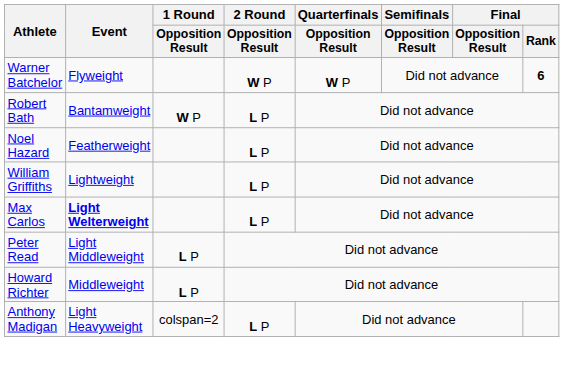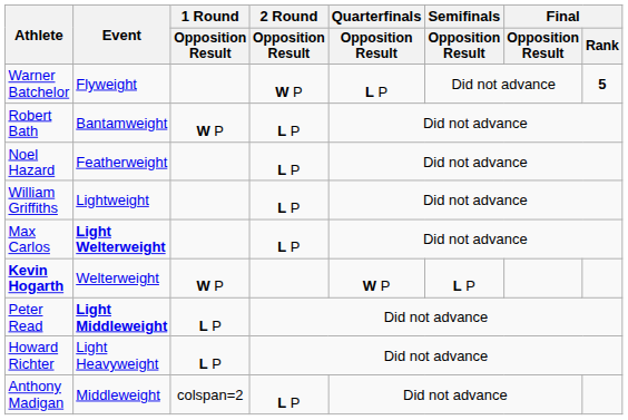 <table class="wikitable" style="font-size:90%">
 <tr>
 <th rowspan="2">Athlete</th>
 <th rowspan="2">Event</th>
 <th>1 Round</th>
 <th>2 Round</th>
 <th>Quarterfinals</th>
 <th>Semifinals</th>
 <th colspan=2>Final</th>
 </tr>
 <tr style="font-size:95%">
 <th>Opposition<br>Result</th>
 <th>Opposition<br>Result</th>
 <th>Opposition<br>Result</th>
 <th>Opposition<br>Result</th>
 <th>Opposition<br>Result</th>
 <th>Rank</th>
 </tr>
 <tr align=center>
 <td align=left><a href='#'>Warner Batchelor</a></td>
 <td align=left><a href='#'>Flyweight</a></td>
 <td></td>
 <td><br><strong>W</strong> P</td>
-<td><br><strong>W</strong> P</td>
+<td><br><strong>L</strong> P</td>
 <td colspan=2>Did not advance</td>
-<td><strong>6</strong></td>
+<td><strong>5</strong></td>
 </tr>
 <tr align=center>
 <td align=left><a href='#'>Robert Bath</a></td>
 <td align=left><a href='#'>Bantamweight</a></td>
 <td><br><strong>W</strong> P</td>
 <td><br><strong>L</strong> P</td>
 <td colspan=4>Did not advance</td>
 </tr>
 <tr align=center>
 <td align=left><a href='#'>Noel Hazard</a></td>
 <td align=left><a href='#'>Featherweight</a></td>
 <td></td>
 <td><br><strong>L</strong> P</td>
 <td colspan=4>Did not advance</td>
 </tr>
 <tr align=center>
 <td align=left><a href='#'>William Griffiths</a></td>
 <td align=left><a href='#'>Lightweight</a></td>
 <td></td>
 <td><br><strong>L</strong> P</td>
 <td colspan=4>Did not advance</td>
 </tr>
 <tr align=center>
 <td align=left><a href='#'>Max Carlos</a></td>
 <td align=left><strong><a href='#'>Light Welterweight</a></strong></td>
 <td></td>
 <td><br><strong>L</strong> P</td>
 <td colspan=4>Did not advance</td>
 </tr>
 <tr align=center>
+<td align=left><strong><a href='#'>Kevin Hogarth</a></strong></td>
+<td align=left><a href='#'>Welterweight</a></td>
+<td><br><strong>W</strong> P</td>
+<td></td>
+<td><br><strong>W</strong> P</td>
+<td><br><strong>L</strong> P</td>
+<td></td>
+<td></td>
+</tr>
+<tr align=center>
 <td align=left><a href='#'>Peter Read</a></td>
-<td align=left><a href='#'>Light Middleweight</a></td>
+<td align=left><strong><a href='#'>Light Middleweight</a></strong></td>
 <td><br><strong>L</strong> P</td>
 <td colspan=5>Did not advance</td>
 </tr>
 <tr align=center>
 <td align=left><a href='#'>Howard Richter</a></td>
-<td align=left><a href='#'>Middleweight</a></td>
+<td align=left><a href='#'>Light Heavyweight</a></td>
 <td><br><strong>L</strong> P</td>
 <td colspan=5>Did not advance</td>
 </tr>
 <tr align=center>
 <td align=left><a href='#'>Anthony Madigan</a></td>
-<td align=left><a href='#'>Light Heavyweight</a></td>
+<td align=left><a href='#'>Middleweight</a></td>
 <td>colspan=2 </td>
 <td><br><strong>L</strong> P</td>
 <td colspan=3>Did not advance</td>
 </tr>
 </table>
